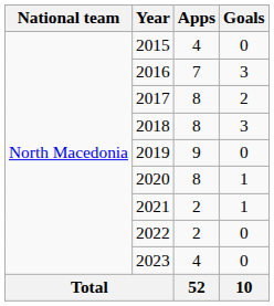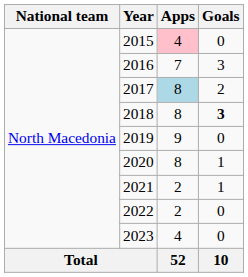 <table class="wikitable" style="text-align:center">
 <tr>
 <th>National team</th>
 <th>Year</th>
 <th>Apps</th>
 <th>Goals</th>
 </tr>
 <tr>
 <td rowspan="9"><a href='#'>North Macedonia</a></td>
 <td>2015</td>
-<td>4</td>
+<td style="background: pink;">4</td>
 <td>0</td>
 </tr>
 <tr>
 <td>2016</td>
 <td>7</td>
 <td>3</td>
 </tr>
 <tr>
 <td>2017</td>
-<td>8</td>
+<td style="background: lightblue;">8</td>
 <td>2</td>
 </tr>
 <tr>
 <td>2018</td>
 <td>8</td>
-<td>3</td>
+<td><strong>3</strong></td>
 </tr>
 <tr>
 <td>2019</td>
 <td>9</td>
 <td>0</td>
 </tr>
 <tr>
 <td>2020</td>
 <td>8</td>
 <td>1</td>
 </tr>
 <tr>
 <td>2021</td>
 <td>2</td>
 <td>1</td>
 </tr>
 <tr>
 <td>2022</td>
 <td>2</td>
 <td>0</td>
 </tr>
 <tr>
 <td>2023</td>
 <td>4</td>
 <td>0</td>
 </tr>
 <tr>
 <th colspan="2">Total</th>
 <th>52</th>
 <th>10</th>
 </tr>
 </table>
